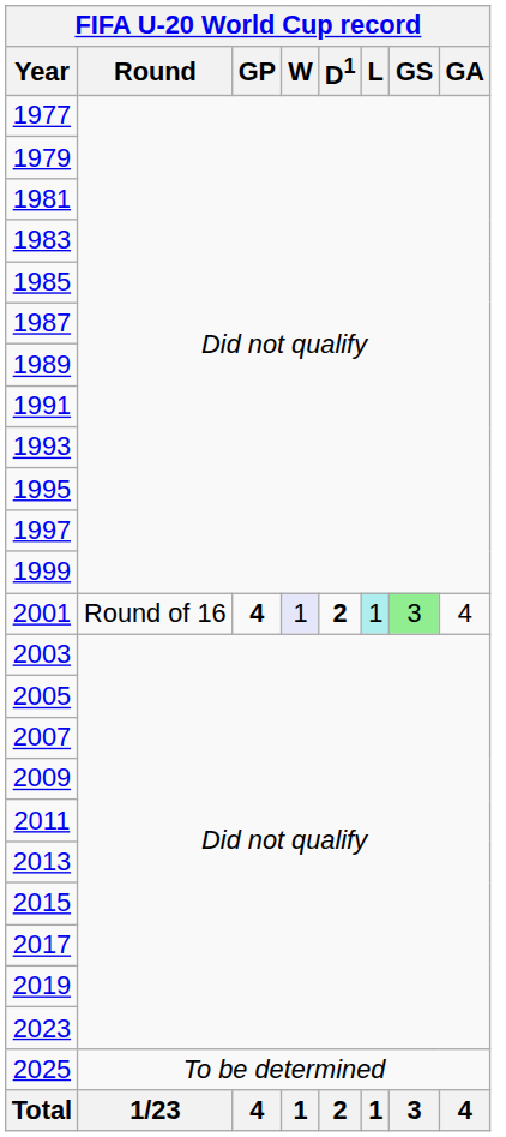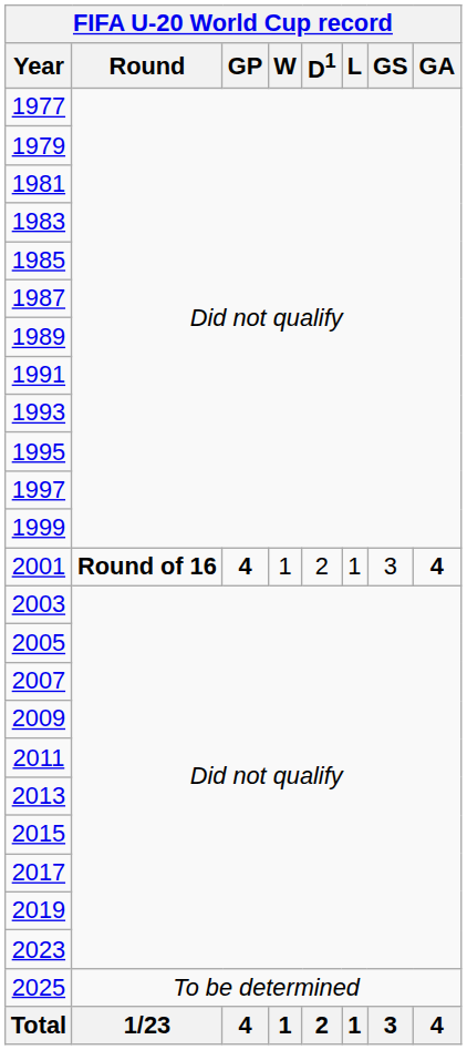 <table class="wikitable" style="text-align: center;">
 <tr>
 <th colspan=8><a href='#'>FIFA U-20 World Cup record</a></th>
 </tr>
 <tr>
 <th>Year</th>
 <th>Round</th>
 <th>GP</th>
 <th>W</th>
 <th>D<sup>1</sup></th>
 <th>L</th>
 <th>GS</th>
 <th>GA</th>
 </tr>
 <tr>
 <td> <a href='#'>1977</a></td>
 <td colspan=7 rowspan=12><em>Did not qualify</em></td>
 </tr>
 <tr>
 <td> <a href='#'>1979</a></td>
 </tr>
 <tr>
 <td> <a href='#'>1981</a></td>
 </tr>
 <tr>
 <td> <a href='#'>1983</a></td>
 </tr>
 <tr>
 <td> <a href='#'>1985</a></td>
 </tr>
 <tr>
 <td> <a href='#'>1987</a></td>
 </tr>
 <tr>
 <td> <a href='#'>1989</a></td>
 </tr>
 <tr>
 <td> <a href='#'>1991</a></td>
 </tr>
 <tr>
 <td> <a href='#'>1993</a></td>
 </tr>
 <tr>
 <td> <a href='#'>1995</a></td>
 </tr>
 <tr>
 <td> <a href='#'>1997</a></td>
 </tr>
 <tr>
 <td> <a href='#'>1999</a></td>
 </tr>
 <tr>
 <td> <a href='#'>2001</a></td>
-<td>Round of 16</td>
+<td><strong>Round of 16</strong></td>
 <td><strong>4</strong></td>
-<td style="background: lavender;">1</td>
-<td><strong>2</strong></td>
-<td style="background: paleturquoise;">1</td>
-<td style="background: lightgreen;">3</td>
-<td>4</td>
+<td>1</td>
+<td>2</td>
+<td>1</td>
+<td>3</td>
+<td><strong>4</strong></td>
 </tr>
 <tr>
 <td> <a href='#'>2003</a></td>
 <td colspan=7 rowspan=10><em>Did not qualify</em></td>
 </tr>
 <tr>
 <td> <a href='#'>2005</a></td>
 </tr>
 <tr>
 <td> <a href='#'>2007</a></td>
 </tr>
 <tr>
 <td> <a href='#'>2009</a></td>
 </tr>
 <tr>
 <td> <a href='#'>2011</a></td>
 </tr>
 <tr>
 <td> <a href='#'>2013</a></td>
 </tr>
 <tr>
 <td> <a href='#'>2015</a></td>
 </tr>
 <tr>
 <td> <a href='#'>2017</a></td>
 </tr>
 <tr>
 <td> <a href='#'>2019</a></td>
 </tr>
 <tr>
 <td> <a href='#'>2023</a></td>
 </tr>
 <tr>
 <td> <a href='#'>2025</a></td>
 <td colspan="7"><em>To be determined</em></td>
 </tr>
 <tr>
 <th><strong>Total</strong></th>
 <th>1/23</th>
 <th>4</th>
 <th>1</th>
 <th>2</th>
 <th>1</th>
 <th>3</th>
 <th>4</th>
 </tr>
 </table>
